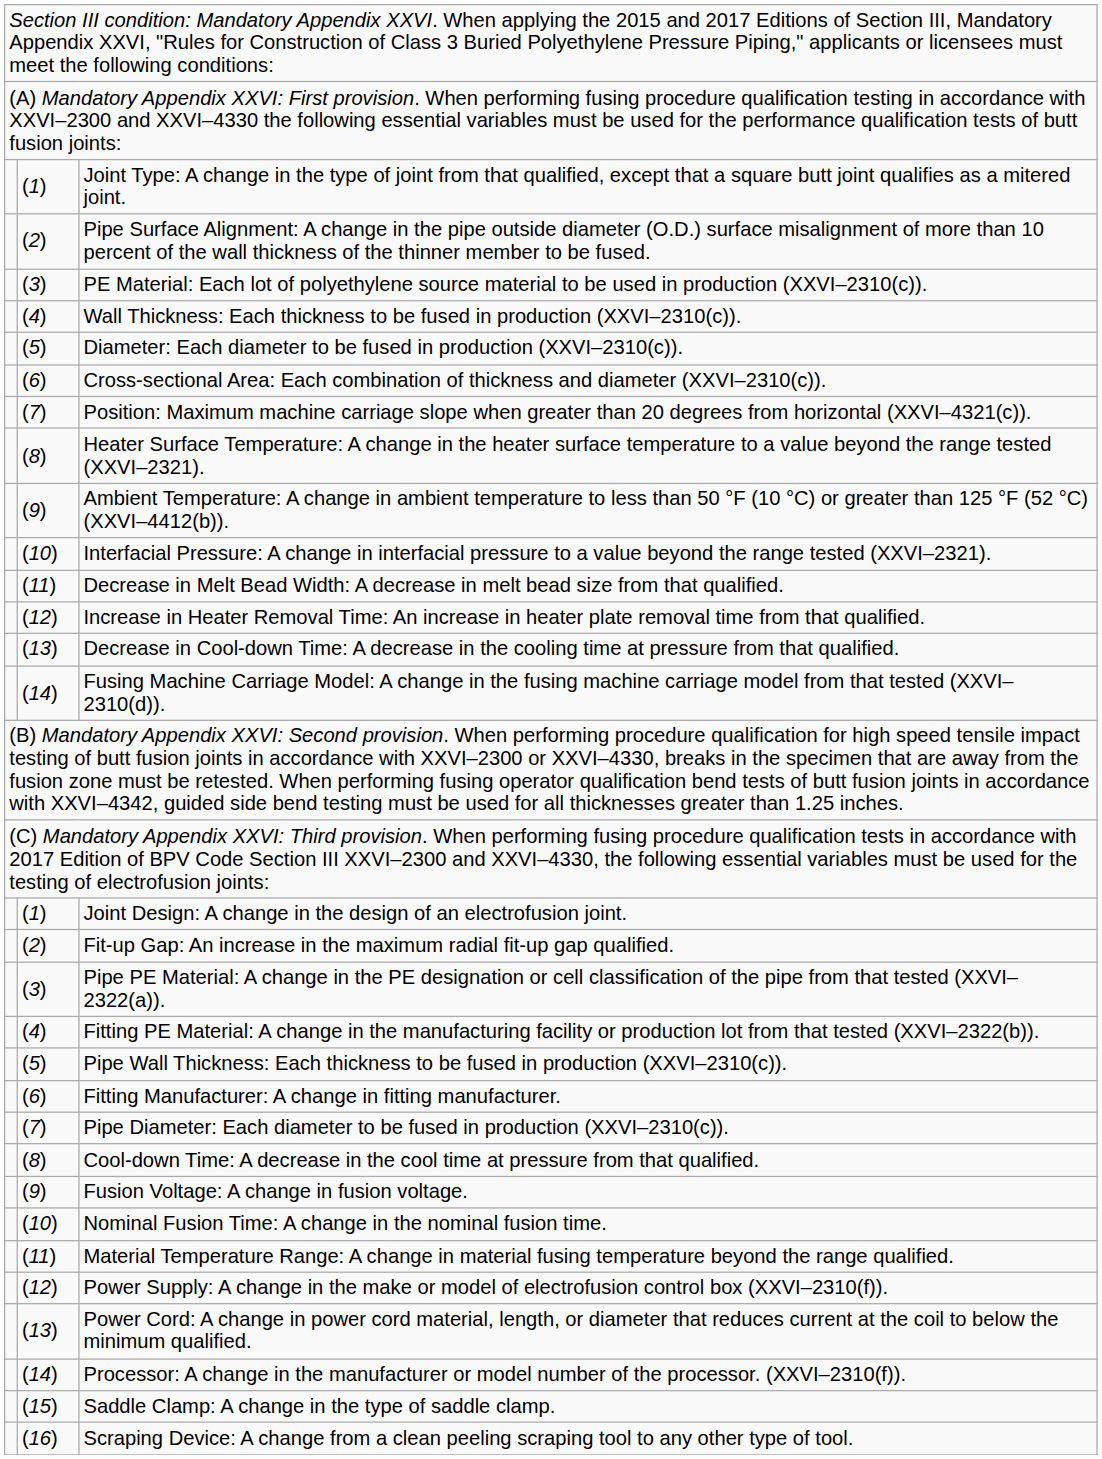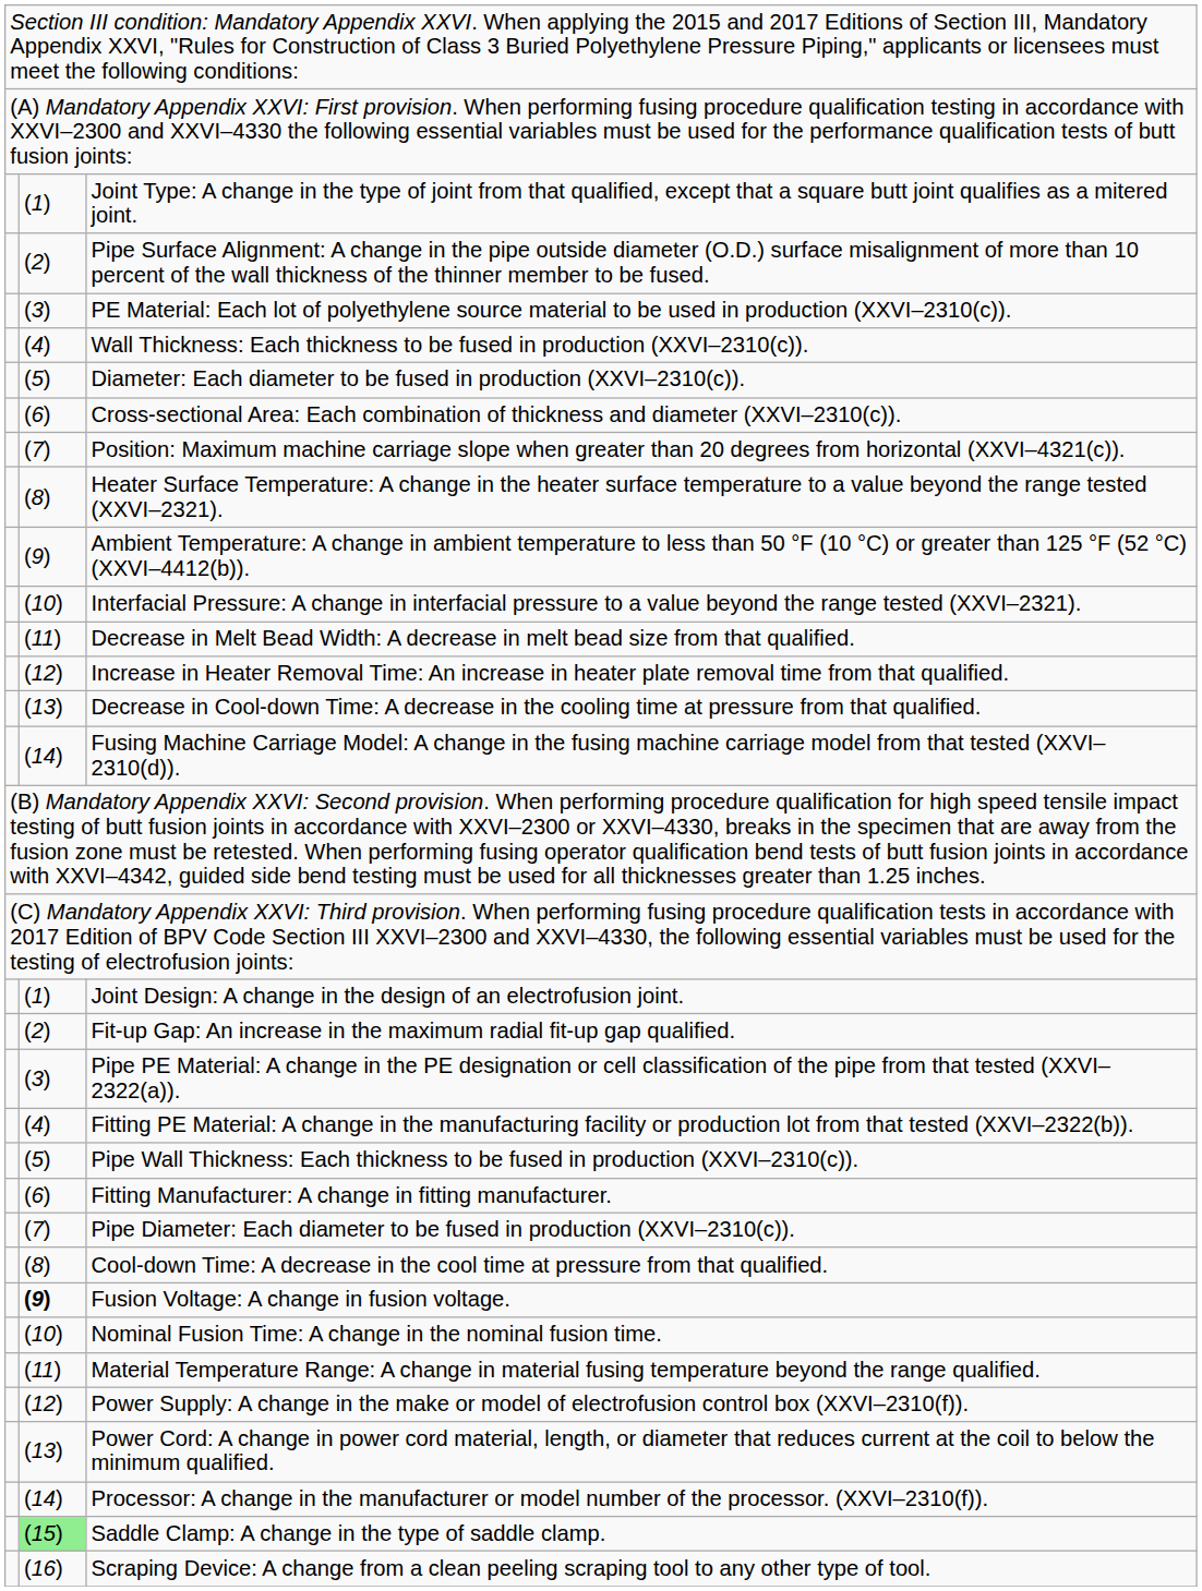 <table class="wikitable">
 <tr>
 <td colspan="5"><em>Section III condition: Mandatory Appendix XXVI</em>. When applying the 2015 and 2017 Editions of Section III, Mandatory Appendix XXVI, "Rules for Construction of Class 3 Buried Polyethylene Pressure Piping," applicants or licensees must meet the following conditions:</td>
 </tr>
 <tr>
 <td colspan="5">(A) <em>Mandatory Appendix XXVI: First provision</em>. When performing fusing procedure qualification testing in accordance with XXVI–2300 and XXVI–4330 the following essential variables must be used for the performance qualification tests of butt fusion joints:</td>
 </tr>
 <tr>
 <td></td>
 <td>(<em>1</em>)</td>
 <td colspan="3">Joint Type: A change in the type of joint from that qualified, except that a square butt joint qualifies as a mitered joint.</td>
 </tr>
 <tr>
 <td></td>
 <td>(<em>2</em>)</td>
 <td colspan="3">Pipe Surface Alignment: A change in the pipe outside diameter (O.D.) surface misalignment of more than 10 percent of the wall thickness of the thinner member to be fused.</td>
 </tr>
 <tr>
 <td></td>
 <td>(<em>3</em>)</td>
 <td colspan="3">PE Material: Each lot of polyethylene source material to be used in production (XXVI–2310(c)).</td>
 </tr>
 <tr>
 <td></td>
 <td>(<em>4</em>)</td>
 <td colspan="3">Wall Thickness: Each thickness to be fused in production (XXVI–2310(c)).</td>
 </tr>
 <tr>
 <td></td>
 <td>(<em>5</em>)</td>
 <td colspan="3">Diameter: Each diameter to be fused in production (XXVI–2310(c)).</td>
 </tr>
 <tr>
 <td></td>
 <td>(<em>6</em>)</td>
 <td colspan="3">Cross-sectional Area: Each combination of thickness and diameter (XXVI–2310(c)).</td>
 </tr>
 <tr>
 <td></td>
 <td>(<em>7</em>)</td>
 <td colspan="3">Position: Maximum machine carriage slope when greater than 20 degrees from horizontal (XXVI–4321(c)).</td>
 </tr>
 <tr>
 <td></td>
 <td>(<em>8</em>)</td>
 <td colspan="3">Heater Surface Temperature: A change in the heater surface temperature to a value beyond the range tested (XXVI–2321).</td>
 </tr>
 <tr>
 <td></td>
 <td>(<em>9</em>)</td>
 <td colspan="3">Ambient Temperature: A change in ambient temperature to less than 50 °F (10 °C) or greater than 125 °F (52 °C) (XXVI–4412(b)).</td>
 </tr>
 <tr>
 <td></td>
 <td>(<em>10</em>)</td>
 <td colspan="3">Interfacial Pressure: A change in interfacial pressure to a value beyond the range tested (XXVI–2321).</td>
 </tr>
 <tr>
 <td></td>
 <td>(<em>11</em>)</td>
 <td colspan="3">Decrease in Melt Bead Width: A decrease in melt bead size from that qualified.</td>
 </tr>
 <tr>
 <td></td>
 <td>(<em>12</em>)</td>
 <td colspan="3">Increase in Heater Removal Time: An increase in heater plate removal time from that qualified.</td>
 </tr>
 <tr>
 <td></td>
 <td>(<em>13</em>)</td>
 <td colspan="3">Decrease in Cool-down Time: A decrease in the cooling time at pressure from that qualified.</td>
 </tr>
 <tr>
 <td></td>
 <td>(<em>14</em>)</td>
 <td colspan="3">Fusing Machine Carriage Model: A change in the fusing machine carriage model from that tested (XXVI–2310(d)).</td>
 </tr>
 <tr>
 <td colspan="5">(B) <em>Mandatory Appendix XXVI: Second provision</em>. When performing procedure qualification for high speed tensile impact testing of butt fusion joints in accordance with XXVI–2300 or XXVI–4330, breaks in the specimen that are away from the fusion zone must be retested. When performing fusing operator qualification bend tests of butt fusion joints in accordance with XXVI–4342, guided side bend testing must be used for all thicknesses greater than 1.25 inches.</td>
 </tr>
 <tr>
 <td colspan="5">(C) <em>Mandatory Appendix XXVI: Third provision</em>. When performing fusing procedure qualification tests in accordance with 2017 Edition of BPV Code Section III XXVI–2300 and XXVI–4330, the following essential variables must be used for the testing of electrofusion joints:</td>
 </tr>
 <tr>
 <td></td>
 <td>(<em>1</em>)</td>
 <td colspan="3">Joint Design: A change in the design of an electrofusion joint.</td>
 </tr>
 <tr>
 <td></td>
 <td>(<em>2</em>)</td>
 <td colspan="3">Fit-up Gap: An increase in the maximum radial fit-up gap qualified.</td>
 </tr>
 <tr>
 <td></td>
 <td>(<em>3</em>)</td>
 <td colspan="3">Pipe PE Material: A change in the PE designation or cell classification of the pipe from that tested (XXVI–2322(a)).</td>
 </tr>
 <tr>
 <td></td>
 <td>(<em>4</em>)</td>
 <td colspan="3">Fitting PE Material: A change in the manufacturing facility or production lot from that tested (XXVI–2322(b)).</td>
 </tr>
 <tr>
 <td></td>
 <td>(<em>5</em>)</td>
 <td colspan="3">Pipe Wall Thickness: Each thickness to be fused in production (XXVI–2310(c)).</td>
 </tr>
 <tr>
 <td></td>
 <td>(<em>6</em>)</td>
 <td colspan="3">Fitting Manufacturer: A change in fitting manufacturer.</td>
 </tr>
 <tr>
 <td></td>
 <td>(<em>7</em>)</td>
 <td colspan="3">Pipe Diameter: Each diameter to be fused in production (XXVI–2310(c)).</td>
 </tr>
 <tr>
 <td></td>
 <td>(<em>8</em>)</td>
 <td colspan="3">Cool-down Time: A decrease in the cool time at pressure from that qualified.</td>
 </tr>
 <tr>
 <td></td>
-<td>(<em>9</em>)</td>
+<td><strong>(<em>9</em>)</strong></td>
 <td colspan="3">Fusion Voltage: A change in fusion voltage.</td>
 </tr>
 <tr>
 <td></td>
 <td>(<em>10</em>)</td>
 <td colspan="3">Nominal Fusion Time: A change in the nominal fusion time.</td>
 </tr>
 <tr>
 <td></td>
 <td>(<em>11</em>)</td>
 <td colspan="3">Material Temperature Range: A change in material fusing temperature beyond the range qualified.</td>
 </tr>
 <tr>
 <td></td>
 <td>(<em>12</em>)</td>
 <td colspan="3">Power Supply: A change in the make or model of electrofusion control box (XXVI–2310(f)).</td>
 </tr>
 <tr>
 <td></td>
 <td>(<em>13</em>)</td>
 <td colspan="3">Power Cord: A change in power cord material, length, or diameter that reduces current at the coil to below the minimum qualified.</td>
 </tr>
 <tr>
 <td></td>
 <td>(<em>14</em>)</td>
 <td colspan="3">Processor: A change in the manufacturer or model number of the processor. (XXVI–2310(f)).</td>
 </tr>
 <tr>
 <td></td>
-<td>(<em>15</em>)</td>
+<td style="background: lightgreen;">(<em>15</em>)</td>
 <td colspan="3">Saddle Clamp: A change in the type of saddle clamp.</td>
 </tr>
 <tr>
 <td></td>
 <td>(<em>16</em>)</td>
 <td colspan="3">Scraping Device: A change from a clean peeling scraping tool to any other type of tool.</td>
 </tr>
 </table>
